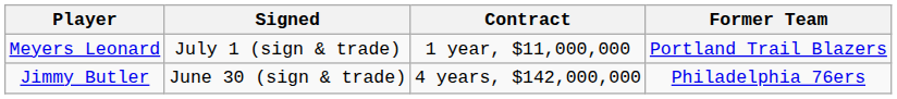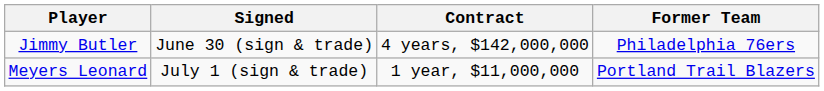 <table class="wikitable sortable sortable" style="text-align: center;">
 <tr>
 <th>Player</th>
 <th>Signed</th>
 <th>Contract</th>
 <th>Former Team</th>
 </tr>
 <tr>
+<td><a href='#'>Jimmy Butler</a></td>
+<td>June 30 (sign & trade)</td>
+<td>4 years, $142,000,000</td>
+<td><a href='#'>Philadelphia 76ers</a></td>
+</tr>
+<tr>
 <td><a href='#'>Meyers Leonard</a></td>
 <td>July 1 (sign & trade)</td>
 <td>1 year, $11,000,000</td>
 <td><a href='#'>Portland Trail Blazers</a></td>
 </tr>
-<tr>
-<td><a href='#'>Jimmy Butler</a></td>
-<td>June 30 (sign & trade)</td>
-<td>4 years, $142,000,000</td>
-<td><a href='#'>Philadelphia 76ers</a></td>
-</tr>
 </table>
